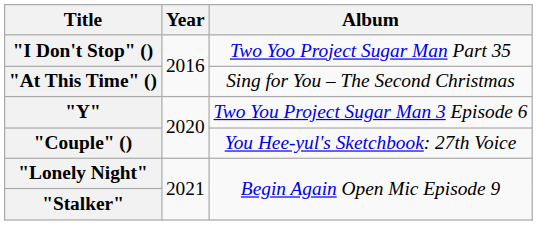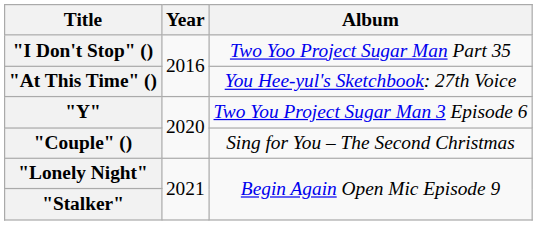 <table class="wikitable plainrowheaders" style="text-align:center;">
 <tr>
 <th>Title</th>
 <th>Year</th>
 <th>Album</th>
 </tr>
 <tr>
 <th scope="row">"I Don't Stop" () <br></th>
 <td rowspan="2">2016</td>
 <td><em><a href='#'>Two Yoo Project Sugar Man</a> Part 35</em></td>
 </tr>
 <tr>
 <th scope="row">"At This Time" () <br></th>
-<td><em>Sing for You – The Second Christmas</em></td>
+<td><em><a href='#'>You Hee-yul's Sketchbook</a>: 27th Voice</em></td>
 </tr>
 <tr>
 <th scope="row">"Y" </th>
 <td rowspan="2">2020</td>
 <td><em><a href='#'>Two You Project Sugar Man 3</a> Episode 6</em></td>
 </tr>
 <tr>
 <th scope="row">"Couple" ()</th>
-<td><em><a href='#'>You Hee-yul's Sketchbook</a>: 27th Voice</em></td>
+<td><em>Sing for You – The Second Christmas</em></td>
 </tr>
 <tr>
 <th scope="row">"Lonely Night" </th>
 <td rowspan="2">2021</td>
 <td rowspan="2"><em><a href='#'>Begin Again</a> Open Mic Episode 9</em></td>
 </tr>
 <tr>
 <th scope="row">"Stalker" </th>
 </tr>
 </table>
